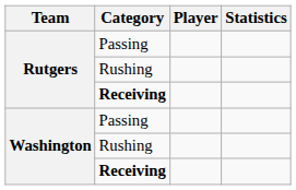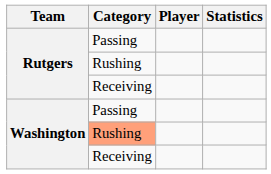 <table class="wikitable" style="float:right">
 <tr>
 <th>Team</th>
 <th>Category</th>
 <th>Player</th>
 <th>Statistics</th>
 </tr>
 <tr>
 <th rowspan=3>Rutgers</th>
 <td>Passing</td>
 <td></td>
 <td></td>
 </tr>
 <tr>
 <td>Rushing</td>
 <td></td>
 <td></td>
 </tr>
 <tr>
-<td><strong>Receiving</strong></td>
+<td>Receiving</td>
 <td></td>
 <td></td>
 </tr>
 <tr>
 <th rowspan=3>Washington</th>
 <td>Passing</td>
 <td></td>
 <td></td>
 </tr>
 <tr>
-<td>Rushing</td>
+<td style="background: lightsalmon;">Rushing</td>
 <td></td>
 <td></td>
 </tr>
 <tr>
-<td><strong>Receiving</strong></td>
+<td>Receiving</td>
 <td></td>
 <td></td>
 </tr>
 </table>
